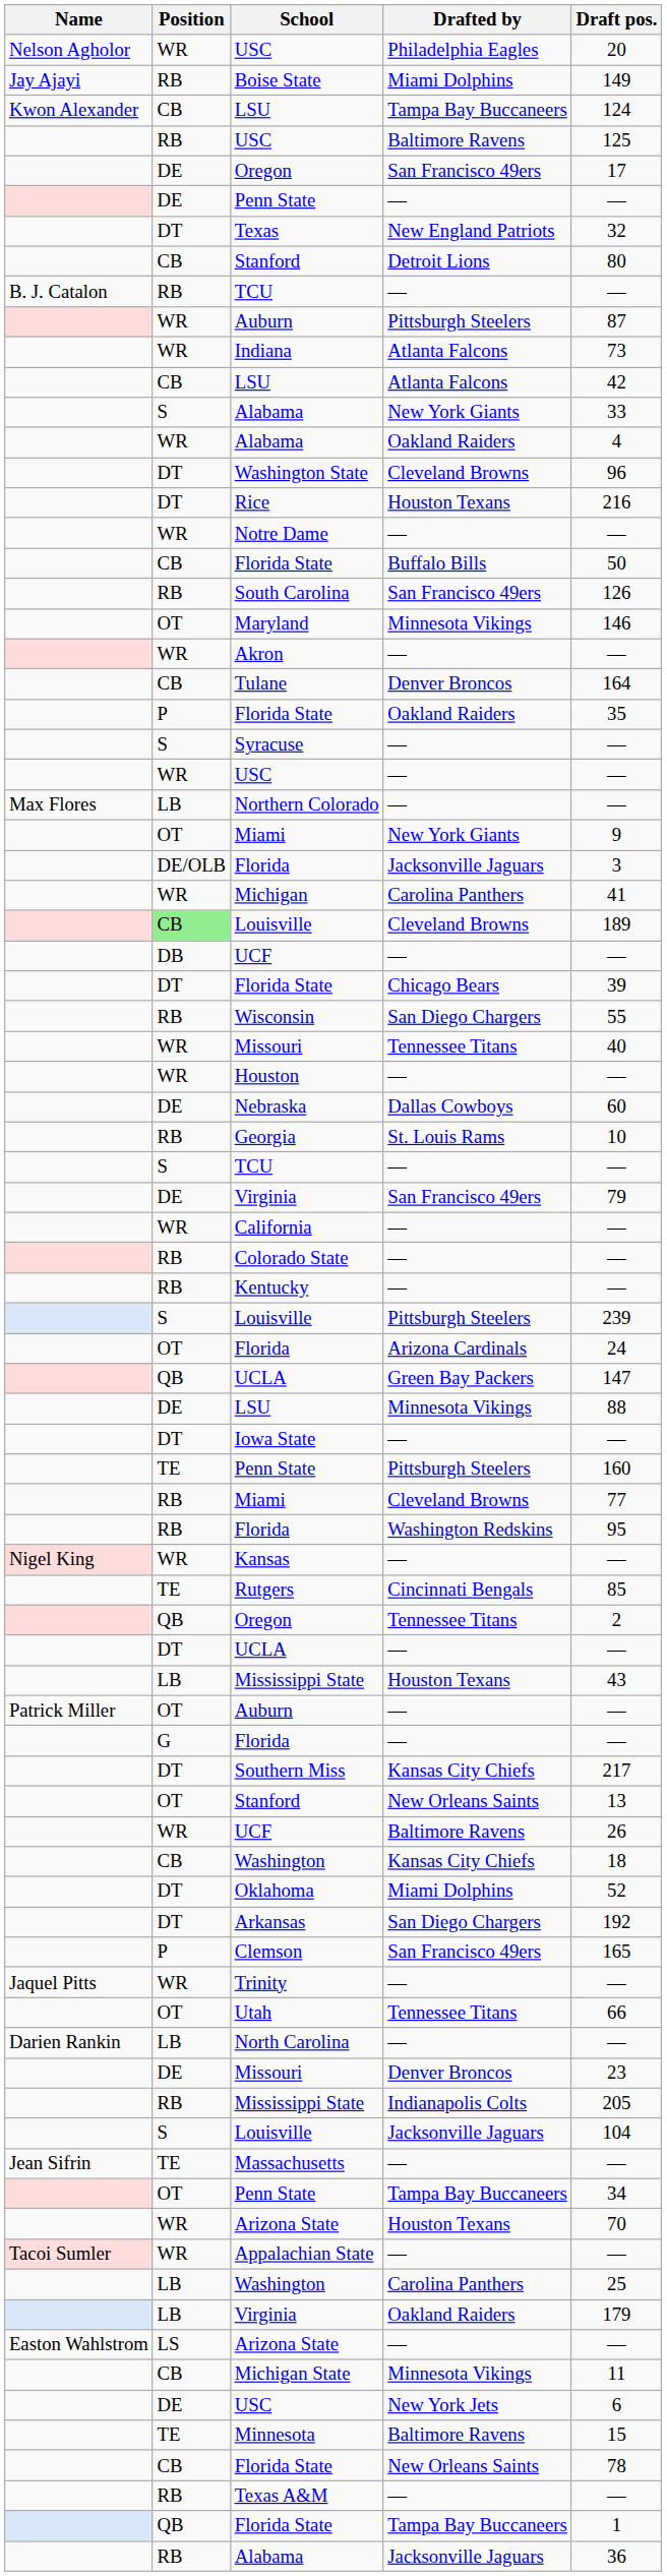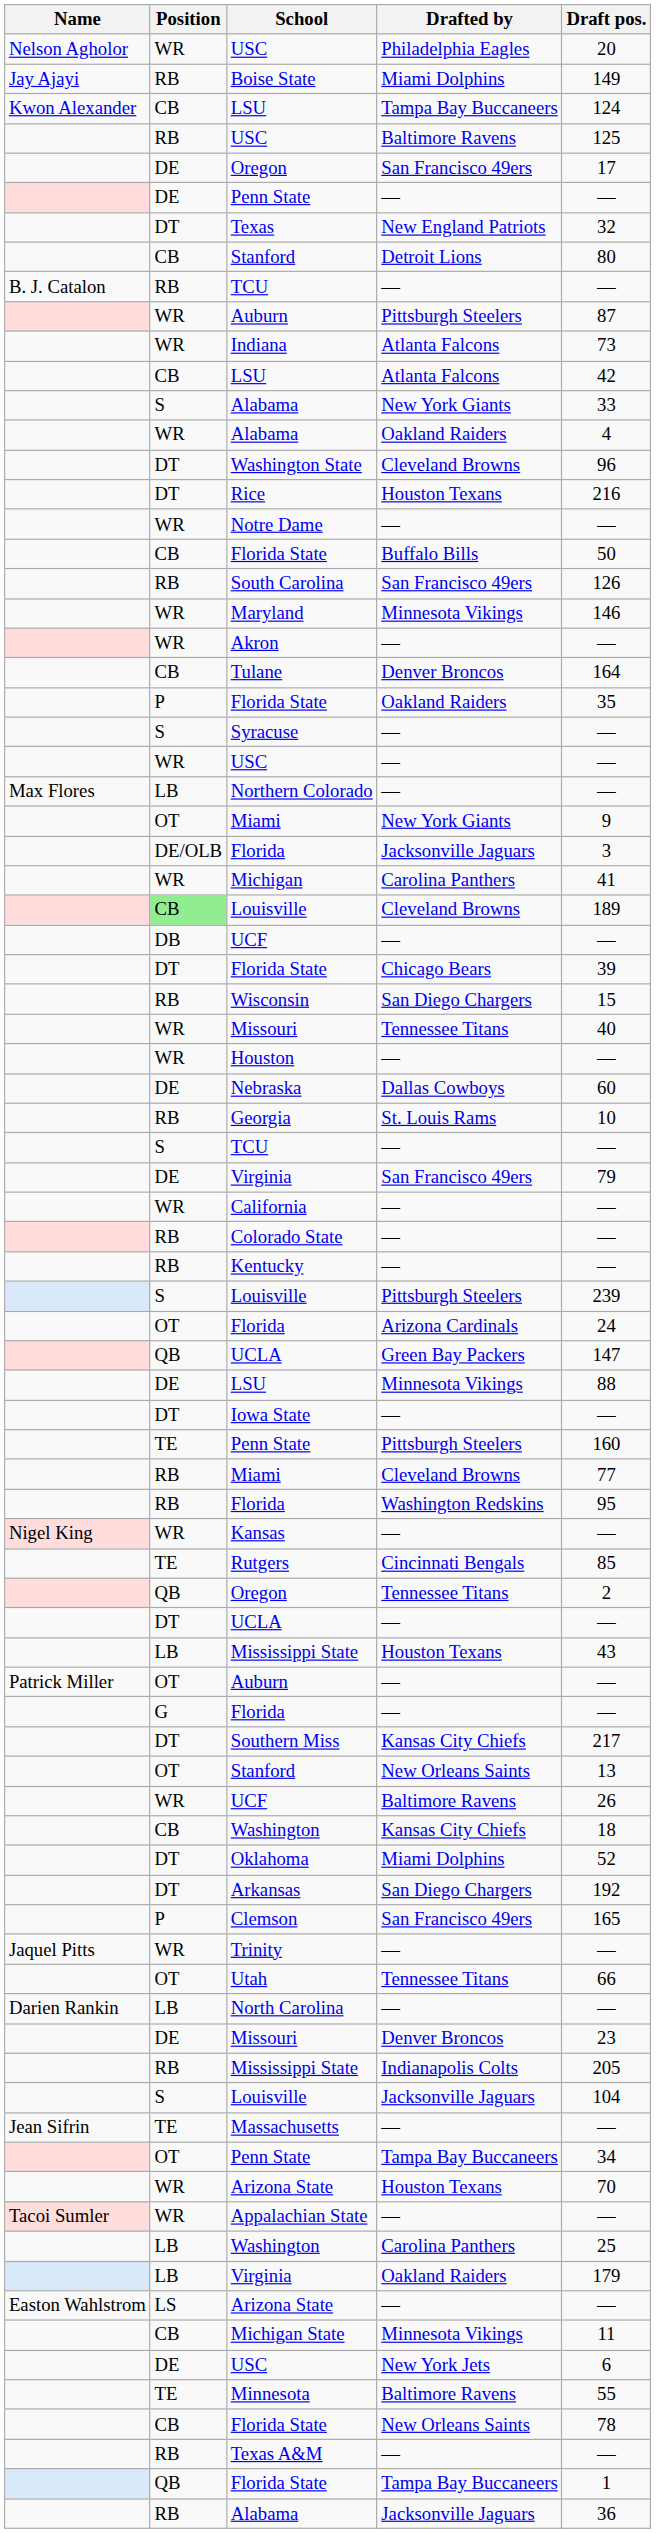 <table class="wikitable sortable" style="text-align: left">
 <tr>
 <th>Name</th>
 <th>Position</th>
 <th>School</th>
 <th>Drafted by</th>
 <th data-sort-type="number">Draft pos.</th>
 </tr>
 <tr>
 <td data-sort-value="Agholor, Nelson"><a href='#'>Nelson Agholor</a></td>
 <td>WR</td>
 <td><a href='#'>USC</a></td>
 <td><a href='#'>Philadelphia Eagles</a></td>
 <td style="text-align:center;">20</td>
 </tr>
 <tr>
 <td data-sort-value="Ajayi, Jay"><a href='#'>Jay Ajayi</a></td>
 <td>RB</td>
 <td><a href='#'>Boise State</a></td>
 <td><a href='#'>Miami Dolphins</a></td>
 <td style="text-align:center;">149</td>
 </tr>
 <tr>
 <td data-sort-value="Alexander, Kwon"><a href='#'>Kwon Alexander</a></td>
 <td>CB</td>
 <td><a href='#'>LSU</a></td>
 <td><a href='#'>Tampa Bay Buccaneers</a></td>
 <td style="text-align:center;">124</td>
 </tr>
 <tr>
 <td></td>
 <td>RB</td>
 <td><a href='#'>USC</a></td>
 <td><a href='#'>Baltimore Ravens</a></td>
 <td style="text-align:center;">125</td>
 </tr>
 <tr>
 <td></td>
 <td>DE</td>
 <td><a href='#'>Oregon</a></td>
 <td><a href='#'>San Francisco 49ers</a></td>
 <td style="text-align:center;">17</td>
 </tr>
 <tr>
 <td bgcolor="#ffdddd"></td>
 <td>DE</td>
 <td><a href='#'>Penn State</a></td>
 <td>—</td>
 <td data-sort-value="999" style="text-align:center;">—</td>
 </tr>
 <tr>
 <td></td>
 <td>DT</td>
 <td><a href='#'>Texas</a></td>
 <td><a href='#'>New England Patriots</a></td>
 <td style="text-align:center;">32</td>
 </tr>
 <tr>
 <td></td>
 <td>CB</td>
 <td><a href='#'>Stanford</a></td>
 <td><a href='#'>Detroit Lions</a></td>
 <td style="text-align:center;">80</td>
 </tr>
 <tr>
 <td data-sort-value="Catalon, B. J.">B. J. Catalon</td>
 <td>RB</td>
 <td><a href='#'>TCU</a></td>
 <td>—</td>
 <td data-sort-value="999" style="text-align:center;">—</td>
 </tr>
 <tr>
 <td bgcolor="#ffdddd"></td>
 <td>WR</td>
 <td><a href='#'>Auburn</a></td>
 <td><a href='#'>Pittsburgh Steelers</a></td>
 <td style="text-align:center;">87</td>
 </tr>
 <tr>
 <td></td>
 <td>WR</td>
 <td><a href='#'>Indiana</a></td>
 <td><a href='#'>Atlanta Falcons</a></td>
 <td style="text-align:center;">73</td>
 </tr>
 <tr>
 <td></td>
 <td>CB</td>
 <td><a href='#'>LSU</a></td>
 <td><a href='#'>Atlanta Falcons</a></td>
 <td style="text-align:center;">42</td>
 </tr>
 <tr>
 <td></td>
 <td>S</td>
 <td><a href='#'>Alabama</a></td>
 <td><a href='#'>New York Giants</a></td>
 <td style="text-align:center;">33</td>
 </tr>
 <tr>
 <td></td>
 <td>WR</td>
 <td><a href='#'>Alabama</a></td>
 <td><a href='#'>Oakland Raiders</a></td>
 <td style="text-align:center;">4</td>
 </tr>
 <tr>
 <td></td>
 <td>DT</td>
 <td><a href='#'>Washington State</a></td>
 <td><a href='#'>Cleveland Browns</a></td>
 <td style="text-align:center;">96</td>
 </tr>
 <tr>
 <td></td>
 <td>DT</td>
 <td><a href='#'>Rice</a></td>
 <td><a href='#'>Houston Texans</a></td>
 <td style="text-align:center;">216</td>
 </tr>
 <tr>
 <td></td>
 <td>WR</td>
 <td><a href='#'>Notre Dame</a></td>
 <td>—</td>
 <td data-sort-value="999" style="text-align:center;">—</td>
 </tr>
 <tr>
 <td></td>
 <td>CB</td>
 <td><a href='#'>Florida State</a></td>
 <td><a href='#'>Buffalo Bills</a></td>
 <td style="text-align:center;">50</td>
 </tr>
 <tr>
 <td></td>
 <td>RB</td>
 <td><a href='#'>South Carolina</a></td>
 <td><a href='#'>San Francisco 49ers</a></td>
 <td style="text-align:center;">126</td>
 </tr>
 <tr>
 <td></td>
-<td>OT</td>
+<td>WR</td>
 <td><a href='#'>Maryland</a></td>
 <td><a href='#'>Minnesota Vikings</a></td>
 <td style="text-align:center;">146</td>
 </tr>
 <tr>
 <td bgcolor="#ffdddd"></td>
 <td>WR</td>
 <td><a href='#'>Akron</a></td>
 <td>—</td>
 <td data-sort-value="999" style="text-align:center;">—</td>
 </tr>
 <tr>
 <td></td>
 <td>CB</td>
 <td><a href='#'>Tulane</a></td>
 <td><a href='#'>Denver Broncos</a></td>
 <td style="text-align:center;">164</td>
 </tr>
 <tr>
 <td></td>
 <td>P</td>
 <td><a href='#'>Florida State</a></td>
 <td><a href='#'>Oakland Raiders</a></td>
 <td style="text-align:center;">35</td>
 </tr>
 <tr>
 <td></td>
 <td>S</td>
 <td><a href='#'>Syracuse</a></td>
 <td>—</td>
 <td data-sort-value="999" style="text-align:center;">—</td>
 </tr>
 <tr>
 <td></td>
 <td>WR</td>
 <td><a href='#'>USC</a></td>
 <td>—</td>
 <td data-sort-value="999" style="text-align:center;">—</td>
 </tr>
 <tr>
 <td data-sort-value="Flores, Max">Max Flores</td>
 <td>LB</td>
 <td><a href='#'>Northern Colorado</a></td>
 <td>—</td>
 <td data-sort-value="999" style="text-align:center;">—</td>
 </tr>
 <tr>
 <td></td>
 <td>OT</td>
 <td><a href='#'>Miami</a></td>
 <td><a href='#'>New York Giants</a></td>
 <td style="text-align:center;">9</td>
 </tr>
 <tr>
 <td></td>
 <td>DE/OLB</td>
 <td><a href='#'>Florida</a></td>
 <td><a href='#'>Jacksonville Jaguars</a></td>
 <td style="text-align:center;">3</td>
 </tr>
 <tr>
 <td></td>
 <td>WR</td>
 <td><a href='#'>Michigan</a></td>
 <td><a href='#'>Carolina Panthers</a></td>
 <td style="text-align:center;">41</td>
 </tr>
 <tr>
 <td bgcolor="#ffdddd"></td>
 <td style="background: lightgreen;">CB</td>
 <td><a href='#'>Louisville</a></td>
 <td><a href='#'>Cleveland Browns</a></td>
 <td style="text-align:center;">189</td>
 </tr>
 <tr>
 <td></td>
 <td>DB</td>
 <td><a href='#'>UCF</a></td>
 <td>—</td>
 <td data-sort-value="999" style="text-align:center;">—</td>
 </tr>
 <tr>
 <td></td>
 <td>DT</td>
 <td><a href='#'>Florida State</a></td>
 <td><a href='#'>Chicago Bears</a></td>
 <td style="text-align:center;">39</td>
 </tr>
 <tr>
 <td></td>
 <td>RB</td>
 <td><a href='#'>Wisconsin</a></td>
 <td><a href='#'>San Diego Chargers</a></td>
-<td style="text-align:center;">55</td>
+<td style="text-align:center;">15</td>
 </tr>
 <tr>
 <td></td>
 <td>WR</td>
 <td><a href='#'>Missouri</a></td>
 <td><a href='#'>Tennessee Titans</a></td>
 <td style="text-align:center;">40</td>
 </tr>
 <tr>
 <td></td>
 <td>WR</td>
 <td><a href='#'>Houston</a></td>
 <td>—</td>
 <td data-sort-value="999" style="text-align:center;">—</td>
 </tr>
 <tr>
 <td></td>
 <td>DE</td>
 <td><a href='#'>Nebraska</a></td>
 <td><a href='#'>Dallas Cowboys</a></td>
 <td style="text-align:center;">60</td>
 </tr>
 <tr>
 <td></td>
 <td>RB</td>
 <td><a href='#'>Georgia</a></td>
 <td><a href='#'>St. Louis Rams</a></td>
 <td style="text-align:center;">10</td>
 </tr>
 <tr>
 <td></td>
 <td>S</td>
 <td><a href='#'>TCU</a></td>
 <td>—</td>
 <td data-sort-value="999" style="text-align:center;">—</td>
 </tr>
 <tr>
 <td></td>
 <td>DE</td>
 <td><a href='#'>Virginia</a></td>
 <td><a href='#'>San Francisco 49ers</a></td>
 <td style="text-align:center;">79</td>
 </tr>
 <tr>
 <td></td>
 <td>WR</td>
 <td><a href='#'>California</a></td>
 <td>—</td>
 <td data-sort-value="999" style="text-align:center;">—</td>
 </tr>
 <tr>
 <td bgcolor="#ffdddd"></td>
 <td>RB</td>
 <td><a href='#'>Colorado State</a></td>
 <td>—</td>
 <td data-sort-value="999" style="text-align:center;">—</td>
 </tr>
 <tr>
 <td></td>
 <td>RB</td>
 <td><a href='#'>Kentucky</a></td>
 <td>—</td>
 <td data-sort-value="999" style="text-align:center;">—</td>
 </tr>
 <tr>
 <td bgcolor="#d9e9f9"></td>
 <td>S</td>
 <td><a href='#'>Louisville</a></td>
 <td><a href='#'>Pittsburgh Steelers</a></td>
 <td style="text-align:center;">239</td>
 </tr>
 <tr>
 <td></td>
 <td>OT</td>
 <td><a href='#'>Florida</a></td>
 <td><a href='#'>Arizona Cardinals</a></td>
 <td style="text-align:center;">24</td>
 </tr>
 <tr>
 <td bgcolor="#ffdddd"></td>
 <td>QB</td>
 <td><a href='#'>UCLA</a></td>
 <td><a href='#'>Green Bay Packers</a></td>
 <td style="text-align:center;">147</td>
 </tr>
 <tr>
 <td></td>
 <td>DE</td>
 <td><a href='#'>LSU</a></td>
 <td><a href='#'>Minnesota Vikings</a></td>
 <td style="text-align:center;">88</td>
 </tr>
 <tr>
 <td></td>
 <td>DT</td>
 <td><a href='#'>Iowa State</a></td>
 <td>—</td>
 <td data-sort-value="999" style="text-align:center;">—</td>
 </tr>
 <tr>
 <td></td>
 <td>TE</td>
 <td><a href='#'>Penn State</a></td>
 <td><a href='#'>Pittsburgh Steelers</a></td>
 <td style="text-align:center;">160</td>
 </tr>
 <tr>
 <td></td>
 <td>RB</td>
 <td><a href='#'>Miami</a></td>
 <td><a href='#'>Cleveland Browns</a></td>
 <td style="text-align:center;">77</td>
 </tr>
 <tr>
 <td></td>
 <td>RB</td>
 <td><a href='#'>Florida</a></td>
 <td><a href='#'>Washington Redskins</a></td>
 <td style="text-align:center;">95</td>
 </tr>
 <tr>
 <td bgcolor="#ffdddd" data-sort-value="King, Nigel">Nigel King</td>
 <td>WR</td>
 <td><a href='#'>Kansas</a></td>
 <td>—</td>
 <td data-sort-value="999" style="text-align:center;">—</td>
 </tr>
 <tr>
 <td></td>
 <td>TE</td>
 <td><a href='#'>Rutgers</a></td>
 <td><a href='#'>Cincinnati Bengals</a></td>
 <td style="text-align:center;">85</td>
 </tr>
 <tr>
 <td bgcolor="#ffdddd"></td>
 <td>QB</td>
 <td><a href='#'>Oregon</a></td>
 <td><a href='#'>Tennessee Titans</a></td>
 <td style="text-align:center;">2</td>
 </tr>
 <tr>
 <td></td>
 <td>DT</td>
 <td><a href='#'>UCLA</a></td>
 <td>—</td>
 <td data-sort-value="999" style="text-align:center;">—</td>
 </tr>
 <tr>
 <td></td>
 <td>LB</td>
 <td><a href='#'>Mississippi State</a></td>
 <td><a href='#'>Houston Texans</a></td>
 <td style="text-align:center;">43</td>
 </tr>
 <tr>
 <td data-sort-value="Miller, Patrick">Patrick Miller</td>
 <td>OT</td>
 <td><a href='#'>Auburn</a></td>
 <td>—</td>
 <td data-sort-value="999" style="text-align:center;">—</td>
 </tr>
 <tr>
 <td></td>
 <td>G</td>
 <td><a href='#'>Florida</a></td>
 <td>—</td>
 <td data-sort-value="999" style="text-align:center;">—</td>
 </tr>
 <tr>
 <td></td>
 <td>DT</td>
 <td><a href='#'>Southern Miss</a></td>
 <td><a href='#'>Kansas City Chiefs</a></td>
 <td style="text-align:center;">217</td>
 </tr>
 <tr>
 <td></td>
 <td>OT</td>
 <td><a href='#'>Stanford</a></td>
 <td><a href='#'>New Orleans Saints</a></td>
 <td style="text-align:center;">13</td>
 </tr>
 <tr>
 <td></td>
 <td>WR</td>
 <td><a href='#'>UCF</a></td>
 <td><a href='#'>Baltimore Ravens</a></td>
 <td style="text-align:center;">26</td>
 </tr>
 <tr>
 <td></td>
 <td>CB</td>
 <td><a href='#'>Washington</a></td>
 <td><a href='#'>Kansas City Chiefs</a></td>
 <td style="text-align:center;">18</td>
 </tr>
 <tr>
 <td></td>
 <td>DT</td>
 <td><a href='#'>Oklahoma</a></td>
 <td><a href='#'>Miami Dolphins</a></td>
 <td style="text-align:center;">52</td>
 </tr>
 <tr>
 <td></td>
 <td>DT</td>
 <td><a href='#'>Arkansas</a></td>
 <td><a href='#'>San Diego Chargers</a></td>
 <td style="text-align:center;">192</td>
 </tr>
 <tr>
 <td></td>
 <td>P</td>
 <td><a href='#'>Clemson</a></td>
 <td><a href='#'>San Francisco 49ers</a></td>
 <td style="text-align:center;">165</td>
 </tr>
 <tr>
 <td data-sort-value="Pitts, Jacquel">Jaquel Pitts</td>
 <td>WR</td>
 <td><a href='#'>Trinity</a></td>
 <td>—</td>
 <td data-sort-value="999" style="text-align:center;">—</td>
 </tr>
 <tr>
 <td></td>
 <td>OT</td>
 <td><a href='#'>Utah</a></td>
 <td><a href='#'>Tennessee Titans</a></td>
 <td style="text-align:center;">66</td>
 </tr>
 <tr>
 <td data-sort-value="Rankin, Darien">Darien Rankin</td>
 <td>LB</td>
 <td><a href='#'>North Carolina</a></td>
 <td>—</td>
 <td data-sort-value="999" style="text-align:center;">—</td>
 </tr>
 <tr>
 <td></td>
 <td>DE</td>
 <td><a href='#'>Missouri</a></td>
 <td><a href='#'>Denver Broncos</a></td>
 <td style="text-align:center;">23</td>
 </tr>
 <tr>
 <td></td>
 <td>RB</td>
 <td><a href='#'>Mississippi State</a></td>
 <td><a href='#'>Indianapolis Colts</a></td>
 <td style="text-align:center;">205</td>
 </tr>
 <tr>
 <td></td>
 <td>S</td>
 <td><a href='#'>Louisville</a></td>
 <td><a href='#'>Jacksonville Jaguars</a></td>
 <td style="text-align:center;">104</td>
 </tr>
 <tr>
 <td data-sort-value="Sifrin, Jean">Jean Sifrin</td>
 <td>TE</td>
 <td><a href='#'>Massachusetts</a></td>
 <td>—</td>
 <td data-sort-value="999" style="text-align:center;">—</td>
 </tr>
 <tr>
 <td bgcolor="#ffdddd"></td>
 <td>OT</td>
 <td><a href='#'>Penn State</a></td>
 <td><a href='#'>Tampa Bay Buccaneers</a></td>
 <td style="text-align:center;">34</td>
 </tr>
 <tr>
 <td></td>
 <td>WR</td>
 <td><a href='#'>Arizona State</a></td>
 <td><a href='#'>Houston Texans</a></td>
 <td style="text-align:center;">70</td>
 </tr>
 <tr>
 <td bgcolor="#ffdddd" data-sort-value="Sumler, Tacoi">Tacoi Sumler</td>
 <td>WR</td>
 <td><a href='#'>Appalachian State</a></td>
 <td>—</td>
 <td data-sort-value="999" style="text-align:center;">—</td>
 </tr>
 <tr>
 <td></td>
 <td>LB</td>
 <td><a href='#'>Washington</a></td>
 <td><a href='#'>Carolina Panthers</a></td>
 <td style="text-align:center;">25</td>
 </tr>
 <tr>
 <td bgcolor="#d9e9f9"></td>
 <td>LB</td>
 <td><a href='#'>Virginia</a></td>
 <td><a href='#'>Oakland Raiders</a></td>
 <td style="text-align:center;">179</td>
 </tr>
 <tr>
 <td data-sort-value="Wahlstrom, Easton">Easton Wahlstrom</td>
 <td>LS</td>
 <td><a href='#'>Arizona State</a></td>
 <td>—</td>
 <td data-sort-value="999" style="text-align:center;">—</td>
 </tr>
 <tr>
 <td></td>
 <td>CB</td>
 <td><a href='#'>Michigan State</a></td>
 <td><a href='#'>Minnesota Vikings</a></td>
 <td style="text-align:center;">11</td>
 </tr>
 <tr>
 <td></td>
 <td>DE</td>
 <td><a href='#'>USC</a></td>
 <td><a href='#'>New York Jets</a></td>
 <td style="text-align:center;">6</td>
 </tr>
 <tr>
 <td></td>
 <td>TE</td>
 <td><a href='#'>Minnesota</a></td>
 <td><a href='#'>Baltimore Ravens</a></td>
-<td style="text-align:center;">15</td>
+<td style="text-align:center;">55</td>
 </tr>
 <tr>
 <td></td>
 <td>CB</td>
 <td><a href='#'>Florida State</a></td>
 <td><a href='#'>New Orleans Saints</a></td>
 <td style="text-align:center;">78</td>
 </tr>
 <tr>
 <td></td>
 <td>RB</td>
 <td><a href='#'>Texas A&M</a></td>
 <td>—</td>
 <td data-sort-value="999" style="text-align:center;">—</td>
 </tr>
 <tr>
 <td bgcolor="#d9e9f9"></td>
 <td>QB</td>
 <td><a href='#'>Florida State</a></td>
 <td><a href='#'>Tampa Bay Buccaneers</a></td>
 <td style="text-align:center;">1</td>
 </tr>
 <tr>
 <td></td>
 <td>RB</td>
 <td><a href='#'>Alabama</a></td>
 <td><a href='#'>Jacksonville Jaguars</a></td>
 <td style="text-align:center;">36</td>
 </tr>
 </table>
